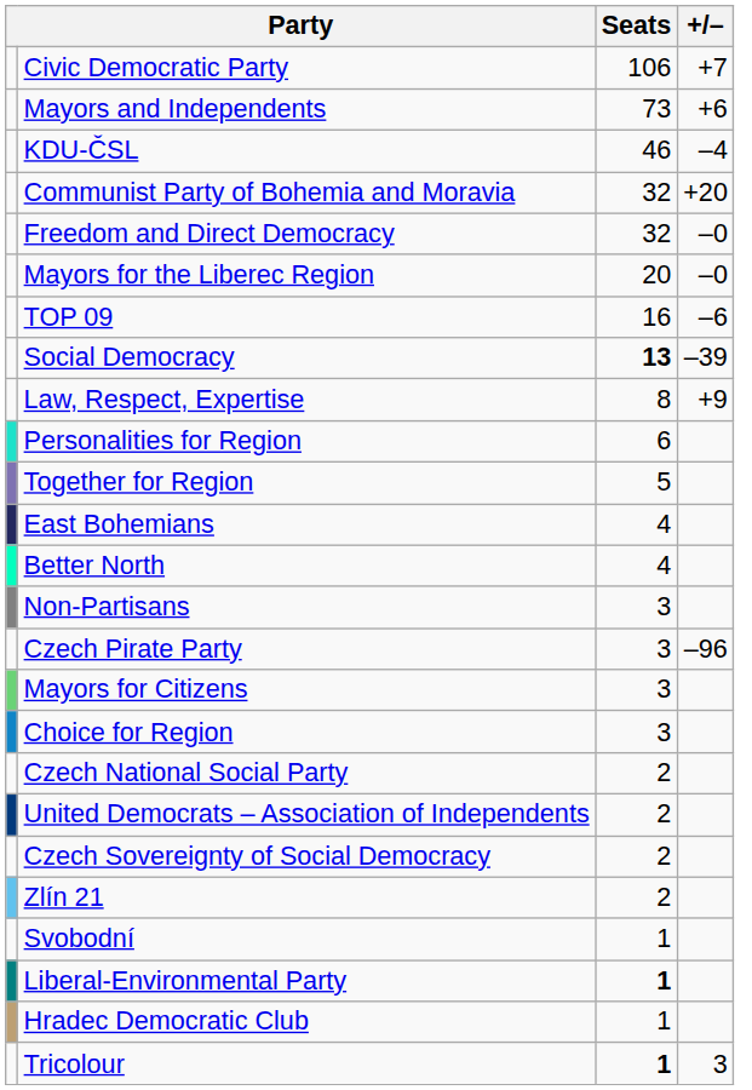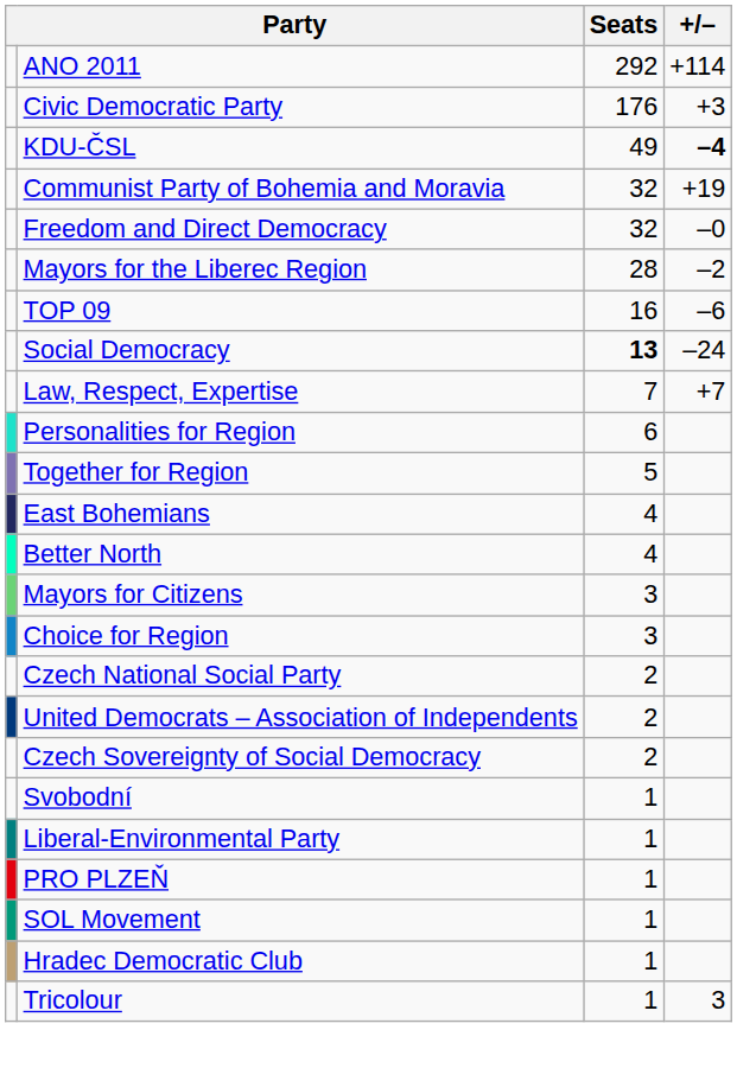 <table class=wikitable style=text-align:right>
 <tr>
 <th colspan=2>Party</th>
 <th>Seats</th>
 <th>+/–</th>
 </tr>
 <tr>
 <td></td>
-<td align=left><a href='#'>Civic Democratic Party</a></td>
-<td>106</td>
-<td>+7</td>
+<td align=left><a href='#'>ANO 2011</a></td>
+<td>292</td>
+<td>+114</td>
 </tr>
 <tr>
 <td></td>
-<td align=left><a href='#'>Mayors and Independents</a></td>
-<td>73</td>
-<td>+6</td>
+<td align=left><a href='#'>Civic Democratic Party</a></td>
+<td>176</td>
+<td>+3</td>
 </tr>
 <tr>
 <td></td>
 <td align=left><a href='#'>KDU-ČSL</a></td>
-<td>46</td>
-<td>–4</td>
+<td>49</td>
+<td><strong>–4</strong></td>
 </tr>
 <tr>
 <td></td>
 <td align=left><a href='#'>Communist Party of Bohemia and Moravia</a></td>
 <td>32</td>
-<td>+20</td>
+<td>+19</td>
 </tr>
 <tr>
 <td></td>
 <td align=left><a href='#'>Freedom and Direct Democracy</a></td>
 <td>32</td>
 <td>–0</td>
 </tr>
 <tr>
 <td></td>
 <td align=left><a href='#'>Mayors for the Liberec Region</a></td>
-<td>20</td>
-<td>–0</td>
+<td>28</td>
+<td>–2</td>
 </tr>
 <tr>
 <td></td>
 <td align=left><a href='#'>TOP 09</a></td>
 <td>16</td>
 <td>–6</td>
 </tr>
 <tr>
 <td></td>
 <td align=left><a href='#'>Social Democracy</a></td>
 <td><strong>13</strong></td>
-<td>–39</td>
+<td>–24</td>
 </tr>
 <tr>
 <td></td>
 <td align=left><a href='#'>Law, Respect, Expertise</a></td>
-<td>8</td>
-<td>+9</td>
+<td>7</td>
+<td>+7</td>
 </tr>
 <tr>
 <td bgcolor="#1DE2CA"></td>
 <td align=left><a href='#'>Personalities for Region</a></td>
 <td>6</td>
 <td></td>
 </tr>
 <tr>
 <td bgcolor="#7F72B2"></td>
 <td align=left><a href='#'>Together for Region</a></td>
 <td>5</td>
 <td></td>
 </tr>
 <tr>
 <td bgcolor="#22275F"></td>
 <td align=left><a href='#'>East Bohemians</a></td>
 <td>4</td>
 <td></td>
 </tr>
 <tr>
 <td bgcolor="#00FFBE"></td>
 <td align=left><a href='#'>Better North</a></td>
 <td>4</td>
 <td></td>
-</tr>
-<tr>
-<td bgcolor="#808080"></td>
-<td align=left><a href='#'>Non-Partisans</a></td>
-<td>3</td>
-<td></td>
-</tr>
-<tr>
-<td></td>
-<td align=left><a href='#'>Czech Pirate Party</a></td>
-<td>3</td>
-<td>–96</td>
 </tr>
 <tr>
 <td bgcolor="#6AD376"></td>
 <td align=left><a href='#'>Mayors for Citizens</a></td>
 <td>3</td>
 <td></td>
 </tr>
 <tr>
 <td bgcolor="#1085C7"></td>
 <td align=left><a href='#'>Choice for Region</a></td>
 <td>3</td>
 <td></td>
 </tr>
 <tr>
 <td></td>
 <td align=left><a href='#'>Czech National Social Party</a></td>
 <td>2</td>
 <td></td>
 </tr>
 <tr>
 <td bgcolor="#00397C"></td>
 <td align=left><a href='#'>United Democrats – Association of Independents</a></td>
 <td>2</td>
 <td></td>
 </tr>
 <tr>
 <td></td>
 <td align=left><a href='#'>Czech Sovereignty of Social Democracy</a></td>
 <td>2</td>
 <td></td>
 </tr>
 <tr>
-<td bgcolor="#61C2EE"></td>
-<td align=left><a href='#'>Zlín 21</a></td>
-<td>2</td>
-<td></td>
-</tr>
-<tr>
 <td></td>
 <td align=left><a href='#'>Svobodní</a></td>
 <td>1</td>
 <td></td>
 </tr>
 <tr>
 <td bgcolor="#008080"></td>
 <td align=left><a href='#'>Liberal-Environmental Party</a></td>
-<td><strong>1</strong></td>
+<td>1</td>
+<td></td>
+</tr>
+<tr>
+<td bgcolor="#E3000E"></td>
+<td align=left><a href='#'>PRO PLZEŇ</a></td>
+<td>1</td>
+<td></td>
+</tr>
+<tr>
+<td bgcolor="#009A7A"></td>
+<td align=left><a href='#'>SOL Movement</a></td>
+<td>1</td>
 <td></td>
 </tr>
 <tr>
 <td bgcolor="#BDA073"></td>
 <td align=left><a href='#'>Hradec Democratic Club</a></td>
 <td>1</td>
 <td></td>
 </tr>
 <tr>
 <td></td>
 <td align=left><a href='#'>Tricolour</a></td>
-<td><strong>1</strong></td>
+<td>1</td>
 <td>3</td>
 </tr>
 </table>
